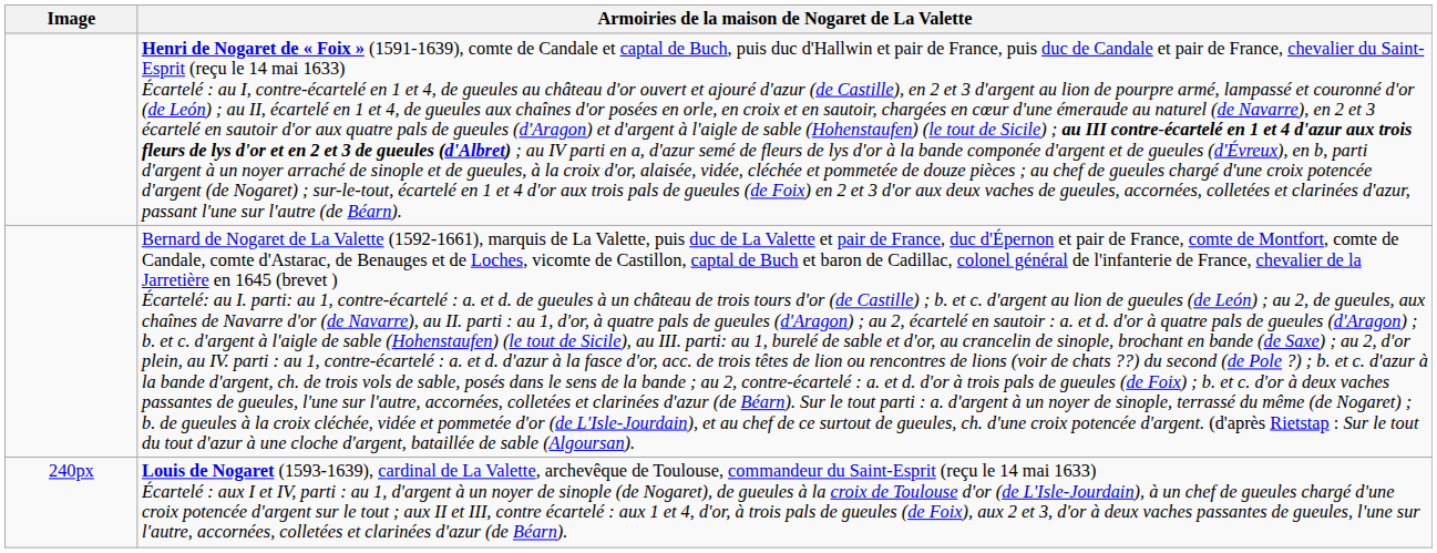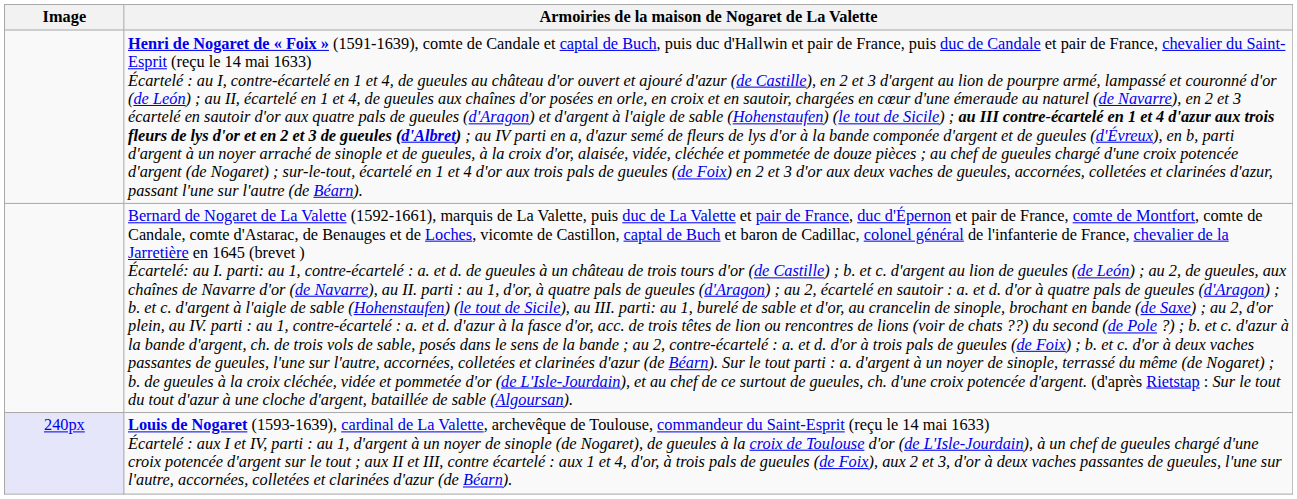 <table class="wikitable" width="100%">
 <tr>
 <th width="110">Image</th>
 <th>Armoiries de la maison de Nogaret de La Valette</th>
 </tr>
 <tr valign="top">
 <td align="center"><div><div><div></div></div></div></td>
 <td><strong><a href='#'>Henri de Nogaret de « Foix »</a></strong> (1591-1639), comte de Candale et <a href='#'>captal de Buch</a>, puis duc d'Hallwin et pair de France, puis <a href='#'>duc de Candale</a> et pair de France, <a href='#'>chevalier du Saint-Esprit</a> (reçu le 14 mai 1633)<br><em>Écartelé : au I, contre-écartelé en 1 et 4, de gueules au château d'or ouvert et ajouré d'azur (<a href='#'>de Castille</a>), en 2 et 3 d'argent au lion de pourpre armé, lampassé et couronné d'or (<a href='#'>de León</a>) ; au II, écartelé en 1 et 4, de gueules aux chaînes d'or posées en orle, en croix et en sautoir, chargées en cœur d'une émeraude au naturel (<a href='#'>de Navarre</a>), en 2 et 3 écartelé en sautoir d'or aux quatre pals de gueules (<a href='#'>d'Aragon</a>) et d'argent à l'aigle de sable (<a href='#'>Hohenstaufen</a>) (<a href='#'>le tout de Sicile</a>) ; <strong>au III contre-écartelé en 1 et 4 d'azur aux trois fleurs de lys d'or et en 2 et 3 de gueules (<a href='#'>d'Albret</a>)</strong> ; au IV parti en a, d'azur semé de fleurs de lys d'or à la bande componée d'argent et de gueules (<a href='#'>d'Évreux</a>), en b, parti d'argent à un noyer arraché de sinople et de gueules, à la croix d'or, alaisée, vidée, cléchée et pommetée de douze pièces ; au chef de gueules chargé d'une croix potencée d'argent (de Nogaret) ; sur-le-tout, écartelé en 1 et 4 d'or aux trois pals de gueules (<a href='#'>de Foix</a>) en 2 et 3 d'or aux deux vaches de gueules, accornées, colletées et clarinées d'azur, passant l'une sur l'autre (de <a href='#'>Béarn</a>).</em></td>
 </tr>
 <tr valign="top">
 <td align="center"></td>
 <td><a href='#'>Bernard de Nogaret de La Valette</a> (1592-1661), marquis de La Valette, puis <a href='#'>duc de La Valette</a> et <a href='#'>pair de France</a>, <a href='#'>duc d'Épernon</a> et pair de France, <a href='#'>comte de Montfort</a>, comte de Candale, comte d'Astarac, de Benauges et de <a href='#'>Loches</a>, vicomte de Castillon, <a href='#'>captal de Buch</a> et baron de Cadillac, <a href='#'>colonel général</a> de l'infanterie de France, <a href='#'>chevalier de la Jarretière</a> en 1645 (brevet )<br><em>Écartelé: au I. parti: au 1, contre-écartelé : a. et d. de gueules à un château de trois tours d'or (<a href='#'>de Castille</a>) ; b. et c. d'argent au lion de gueules (<a href='#'>de León</a>) ; au 2, de gueules, aux chaînes de Navarre d'or (<a href='#'>de Navarre</a>), au II. parti : au 1, d'or, à quatre pals de gueules (<a href='#'>d'Aragon</a>) ; au 2, écartelé en sautoir : a. et d. d'or à quatre pals de gueules (<a href='#'>d'Aragon</a>) ; b. et c. d'argent à l'aigle de sable (<a href='#'>Hohenstaufen</a>) (<a href='#'>le tout de Sicile</a>), au III. parti: au 1, burelé de sable et d'or, au crancelin de sinople, brochant en bande (<a href='#'>de Saxe</a>) ; au 2, d'or plein, au IV. parti : au 1, contre-écartelé : a. et d. d'azur à la fasce d'or, acc. de trois têtes de lion ou rencontres de lions (voir de chats ??) du second (<a href='#'>de Pole</a> ?) ; b. et c. d'azur à la bande d'argent, ch. de trois vols de sable, posés dans le sens de la bande ; au 2, contre-écartelé : a. et d. d'or à trois pals de gueules (<a href='#'>de Foix</a>) ; b. et c. d'or à deux vaches passantes de gueules, l'une sur l'autre, accornées, colletées et clarinées d'azur (de <a href='#'>Béarn</a>). Sur le tout parti : a. d'argent à un noyer de sinople, terrassé du même (de Nogaret) ; b. de gueules à la croix cléchée, vidée et pommetée d'or (<a href='#'>de L'Isle-Jourdain</a>), et au chef de ce surtout de gueules, ch. d'une croix potencée d'argent.</em> (d'après <a href='#'>Rietstap</a> : <em>Sur le tout du tout d'azur à une cloche d'argent, bataillée de sable (<a href='#'>Algoursan</a>).</em></td>
 </tr>
 <tr valign="top">
-<td align="center"><div><a href='#'>240px</a><div><div></div></div></div></td>
+<td align="center" style="background: lavender;"><div><a href='#'>240px</a><div><div></div></div></div></td>
 <td><strong><a href='#'>Louis de Nogaret</a></strong> (1593-1639), <a href='#'>cardinal de La Valette</a>, archevêque de Toulouse, <a href='#'>commandeur du Saint-Esprit</a> (reçu le 14 mai 1633)<br><em>Écartelé : aux I et IV, parti : au 1, d'argent à un noyer de sinople (de Nogaret), de gueules à la <a href='#'>croix de Toulouse</a> d'or (<a href='#'>de L'Isle-Jourdain</a>), à un chef de gueules chargé d'une croix potencée d'argent sur le tout ; aux II et III, contre écartelé : aux 1 et 4, d'or, à trois pals de gueules (<a href='#'>de Foix</a>), aux 2 et 3, d'or à deux vaches passantes de gueules, l'une sur l'autre, accornées, colletées et clarinées d'azur (de <a href='#'>Béarn</a>).</em></td>
 </tr>
 </table>
